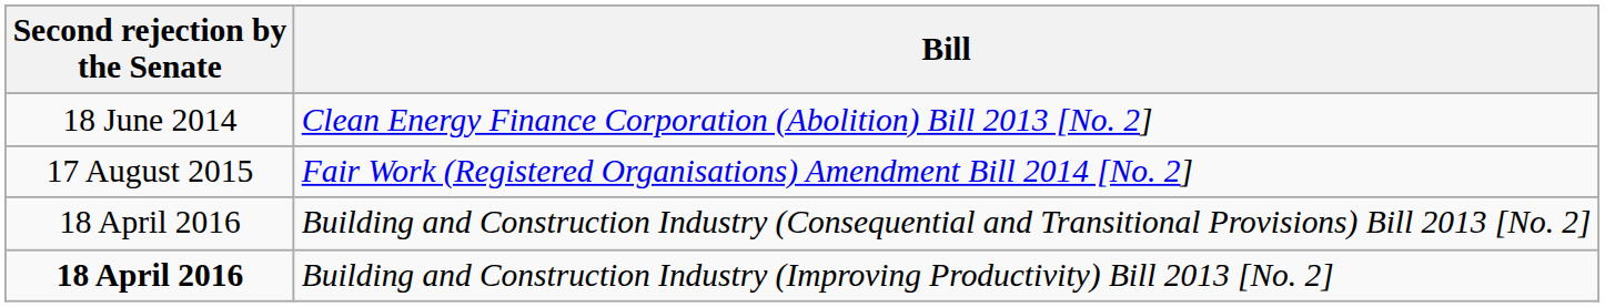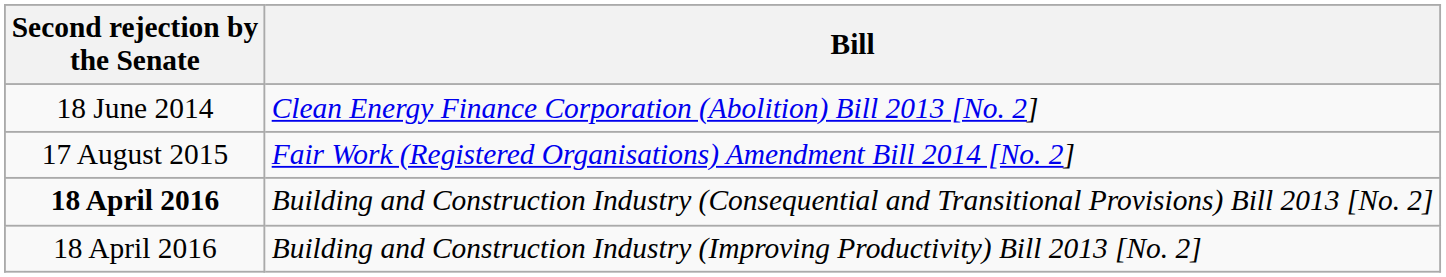 <table class="wikitable">
 <tr>
 <th>Second rejection by <br> the Senate</th>
 <th>Bill</th>
 </tr>
 <tr>
 <td style="text-align:center;">18 June 2014</td>
 <td><em><a href='#'>Clean Energy Finance Corporation (Abolition) Bill 2013 [No. 2</a>]</em></td>
 </tr>
 <tr>
 <td style="text-align:center;">17 August 2015</td>
 <td><em><a href='#'>Fair Work (Registered Organisations) Amendment Bill 2014 [No. 2</a>]</em></td>
 </tr>
 <tr>
-<td style="text-align:center;">18 April 2016</td>
+<td style="text-align:center;"><strong>18 April 2016</strong></td>
 <td><em>Building and Construction Industry (Consequential and Transitional Provisions) Bill 2013 [No. 2]</em></td>
 </tr>
 <tr>
-<td style="text-align:center;"><strong>18 April 2016</strong></td>
+<td style="text-align:center;">18 April 2016</td>
 <td><em>Building and Construction Industry (Improving Productivity) Bill 2013 [No. 2]</em></td>
 </tr>
 </table>
